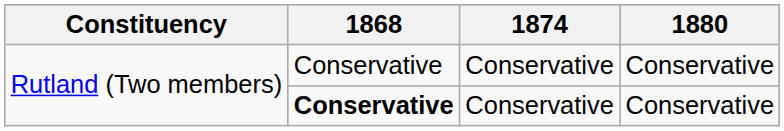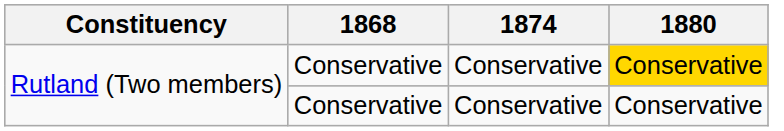 <table class="wikitable">
 <tr>
 <th>Constituency</th>
 <th>1868</th>
 <th>1874</th>
 <th>1880</th>
 </tr>
 <tr>
 <td rowspan="2"><a href='#'>Rutland</a> (Two members)</td>
 <td>Conservative</td>
 <td>Conservative</td>
-<td>Conservative</td>
+<td style="background: gold;">Conservative</td>
 </tr>
 <tr>
-<td><strong>Conservative</strong></td>
+<td>Conservative</td>
 <td>Conservative</td>
 <td>Conservative</td>
 </tr>
 </table>
